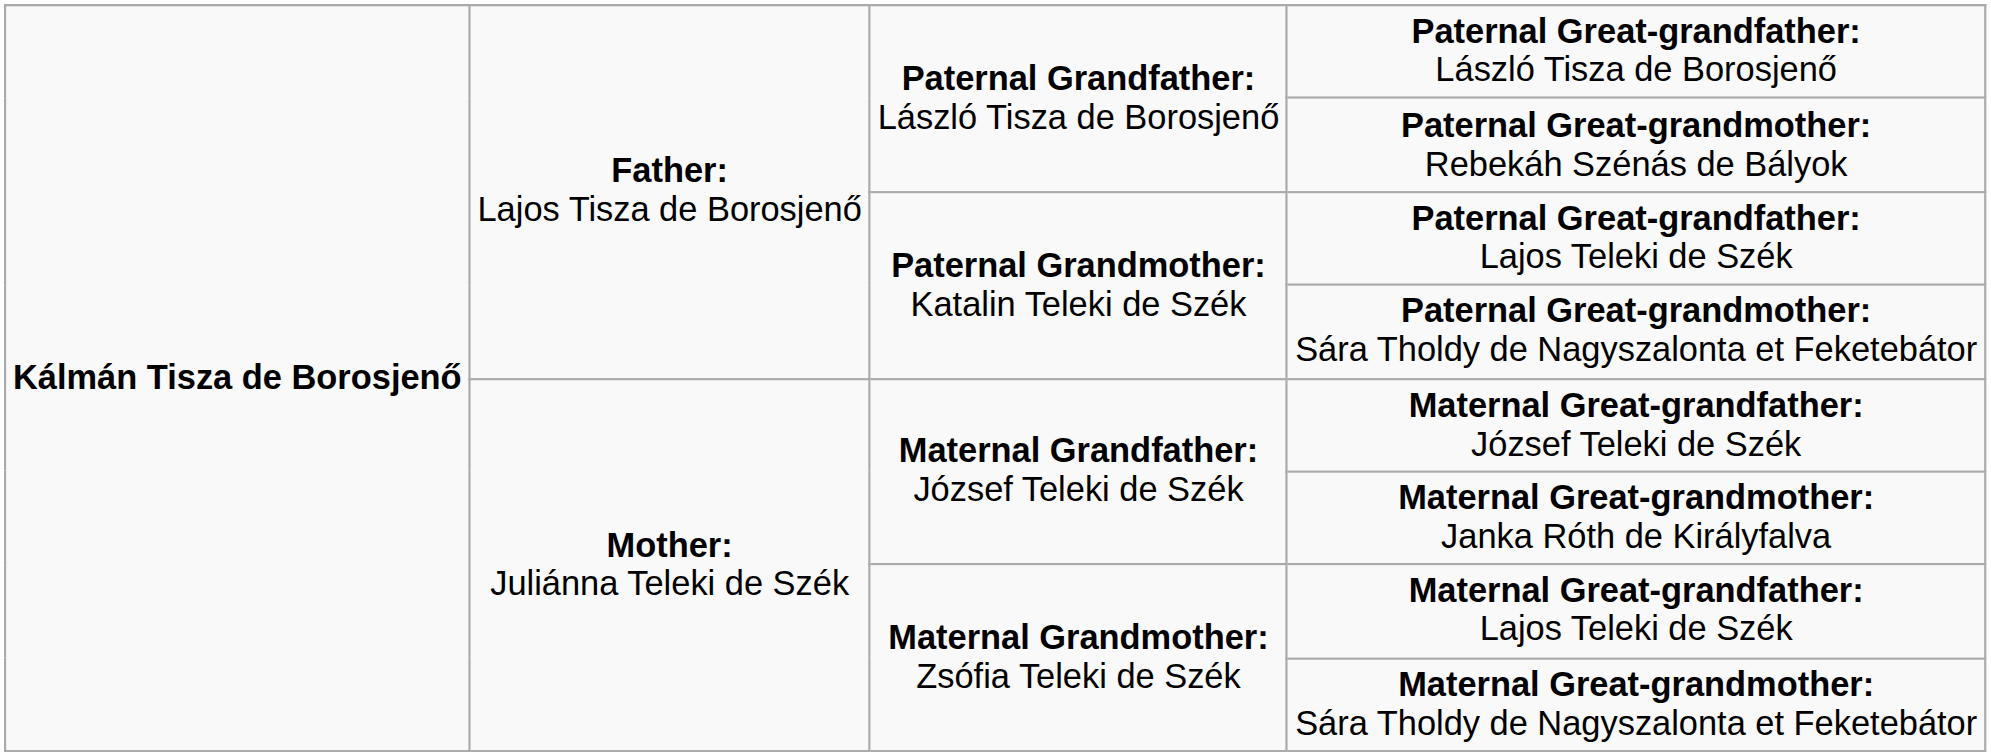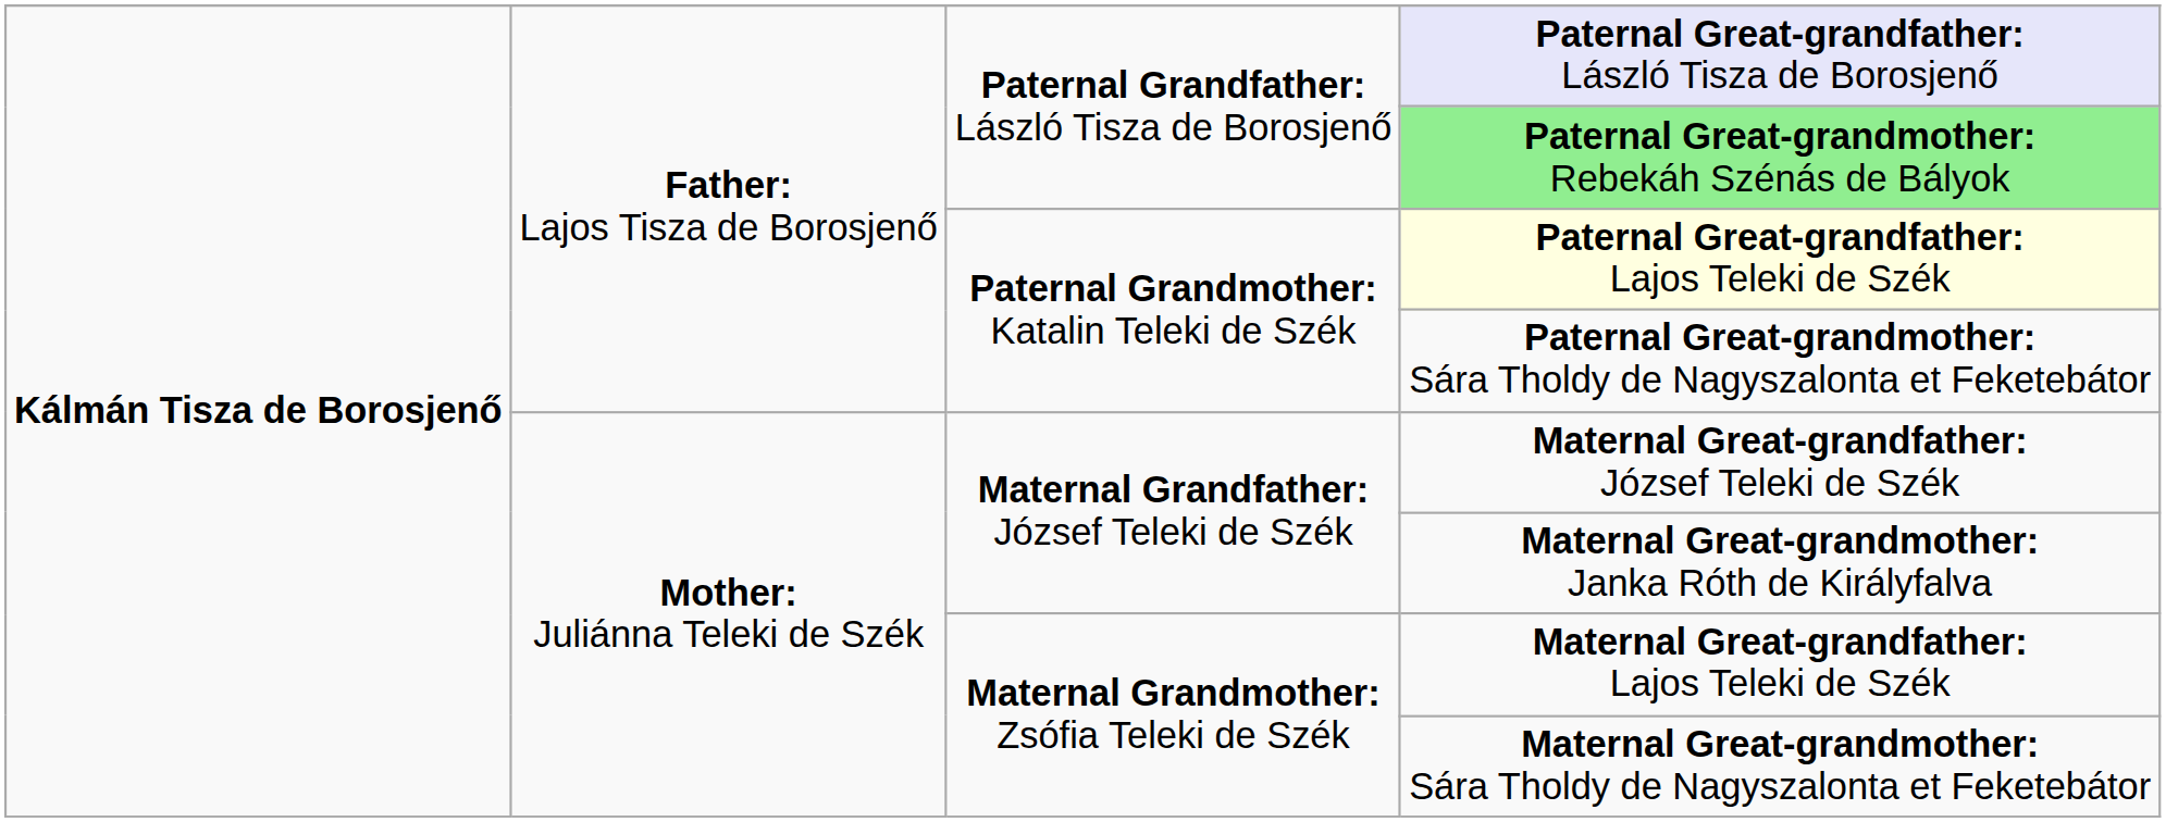 <table class="wikitable">
 <tr>
 </tr>
 <tr>
 <td rowspan="8" align="center"><strong>Kálmán Tisza de Borosjenő</strong></td>
 <td rowspan="4" align="center"><strong>Father:</strong><br>Lajos Tisza de Borosjenő</td>
 <td rowspan="2" align="center"><strong>Paternal Grandfather:</strong><br>László Tisza de Borosjenő</td>
-<td align="center"><strong>Paternal Great-grandfather:</strong><br>László Tisza de Borosjenő</td>
+<td align="center" style="background: lavender;"><strong>Paternal Great-grandfather:</strong><br>László Tisza de Borosjenő</td>
 </tr>
 <tr>
-<td align="center"><strong>Paternal Great-grandmother:</strong><br>Rebekáh Szénás de Bályok</td>
+<td align="center" style="background: lightgreen;"><strong>Paternal Great-grandmother:</strong><br>Rebekáh Szénás de Bályok</td>
 </tr>
 <tr>
 <td rowspan="2" align="center"><strong>Paternal Grandmother:</strong><br>Katalin Teleki de Szék</td>
-<td align="center"><strong>Paternal Great-grandfather:</strong><br>Lajos Teleki de Szék</td>
+<td align="center" style="background: lightyellow;"><strong>Paternal Great-grandfather:</strong><br>Lajos Teleki de Szék</td>
 </tr>
 <tr>
 <td align="center"><strong>Paternal Great-grandmother:</strong><br>Sára Tholdy de Nagyszalonta et Feketebátor</td>
 </tr>
 <tr>
 <td rowspan="4" align="center"><strong>Mother:</strong><br>Juliánna Teleki de Szék</td>
 <td rowspan="2" align="center"><strong>Maternal Grandfather:</strong><br>József Teleki de Szék</td>
 <td align="center"><strong>Maternal Great-grandfather:</strong><br> József Teleki de Szék</td>
 </tr>
 <tr>
 <td align="center"><strong>Maternal Great-grandmother:</strong><br>Janka Róth de Királyfalva</td>
 </tr>
 <tr>
 <td rowspan="2" align="center"><strong>Maternal Grandmother:</strong><br>Zsófia Teleki de Szék</td>
 <td align="center"><strong>Maternal Great-grandfather:</strong><br>Lajos Teleki de Szék</td>
 </tr>
 <tr>
 <td align="center"><strong>Maternal Great-grandmother:</strong><br>Sára Tholdy de Nagyszalonta et Feketebátor</td>
 </tr>
 </table>
